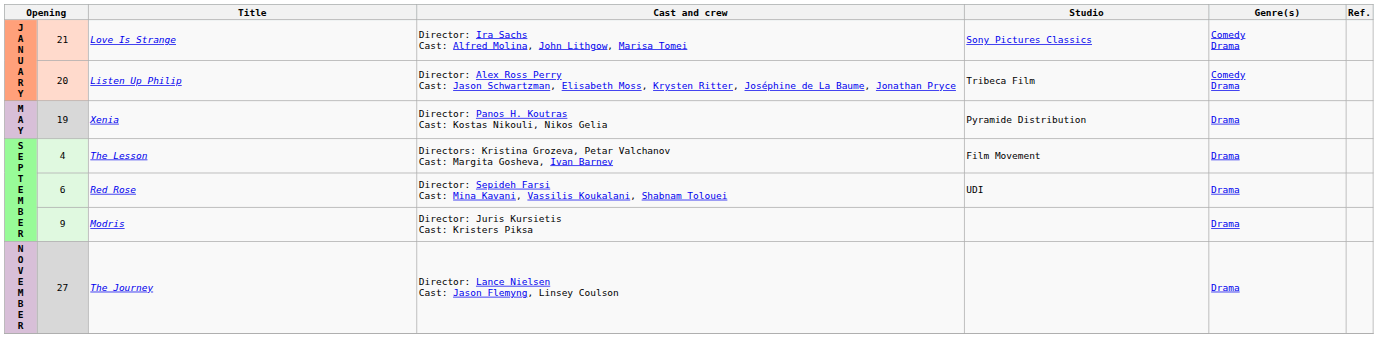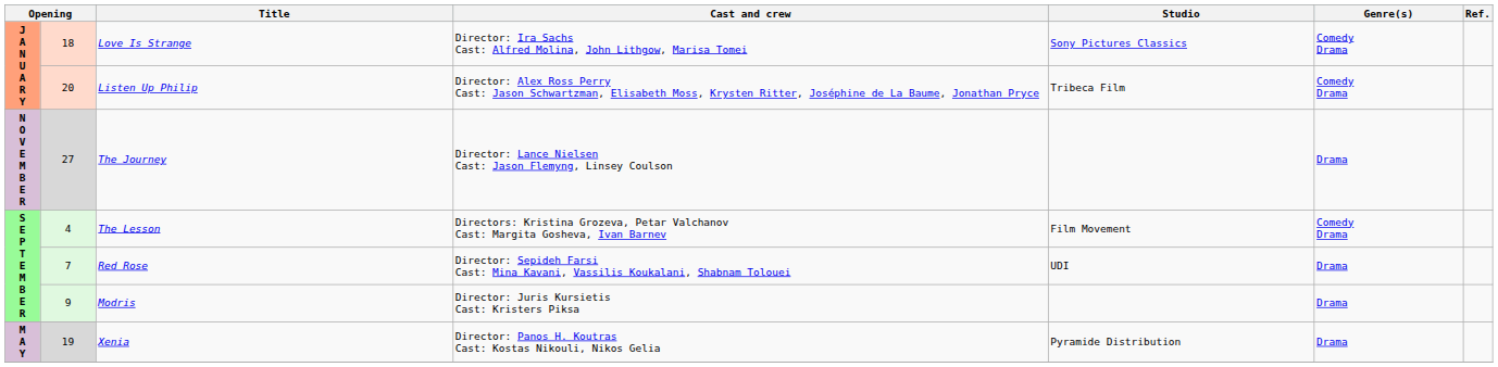 <table class="wikitable">
 <tr style="background:#b0e0e6; text-align:center;">
 <th colspan="2">Opening</th>
 <th style="width:24%;">Title</th>
 <th style="width:40%;">Cast and crew</th>
 <th>Studio</th>
 <th style="width:10%;">Genre(s)</th>
 <th style="width:2%;">Ref.</th>
 </tr>
 <tr>
 <th rowspan="2" style="text-align:center; background:#ffa07a; textcolor:#000;">J<br>A<br>N<br>U<br>A<br>R<br>Y</th>
-<td rowspan="1" style="text-align:center; background:#ffdacc;">21</td>
+<td rowspan="1" style="text-align:center; background:#ffdacc;">18</td>
 <td><em><a href='#'>Love Is Strange</a></em></td>
 <td>Director: <a href='#'>Ira Sachs</a> <br> Cast: <a href='#'>Alfred Molina</a>, <a href='#'>John Lithgow</a>, <a href='#'>Marisa Tomei</a></td>
 <td><a href='#'>Sony Pictures Classics</a></td>
 <td><a href='#'>Comedy</a> <br> <a href='#'>Drama</a></td>
 <td style="text-align:center"></td>
 </tr>
 <tr>
 <td rowspan="1" style="text-align:center; background:#ffdacc;">20</td>
 <td><em><a href='#'>Listen Up Philip</a></em></td>
 <td>Director: <a href='#'>Alex Ross Perry</a> <br> Cast: <a href='#'>Jason Schwartzman</a>, <a href='#'>Elisabeth Moss</a>, <a href='#'>Krysten Ritter</a>, <a href='#'>Joséphine de La Baume</a>, <a href='#'>Jonathan Pryce</a></td>
 <td>Tribeca Film</td>
 <td><a href='#'>Comedy</a> <br> <a href='#'>Drama</a></td>
 <td style="text-align:center"></td>
 </tr>
 <tr>
-<th rowspan="1" style="text-align:center; background:thistle; textcolor:#000;">M<br>A<br>Y</th>
-<td rowspan="1" style="text-align:center; background:#d8d8d8;">19</td>
-<td><em><a href='#'>Xenia</a></em></td>
-<td>Director: <a href='#'>Panos H. Koutras</a> <br> Cast: Kostas Nikouli, Nikos Gelia</td>
-<td>Pyramide Distribution</td>
+<th rowspan="1" style="text-align:center; background:thistle; textcolor:#000;">N<br>O<br>V<br>E<br>M<br>B<br>E<br>R</th>
+<td rowspan="1" style="text-align:center; background:#d8d8d8;">27</td>
+<td><em><a href='#'>The Journey</a></em></td>
+<td>Director: <a href='#'>Lance Nielsen</a> <br> Cast: <a href='#'>Jason Flemyng</a>, Linsey Coulson</td>
+<td></td>
 <td><a href='#'>Drama</a></td>
 <td style="text-align:center"></td>
 </tr>
 <tr>
 <th rowspan="3" style="text-align:center; background:#98fb98; textcolor:#000;">S<br>E<br>P<br>T<br>E<br>M<br>B<br>E<br>R</th>
 <td rowspan="1" style="text-align:center; background:#e0f9e0;">4</td>
 <td><em><a href='#'>The Lesson</a></em></td>
 <td>Directors: Kristina Grozeva, Petar Valchanov <br> Cast: Margita Gosheva, <a href='#'>Ivan Barnev</a></td>
 <td>Film Movement</td>
-<td><a href='#'>Drama</a></td>
+<td><a href='#'>Comedy</a> <br> <a href='#'>Drama</a></td>
 <td style="text-align:center"></td>
 </tr>
 <tr>
-<td rowspan="1" style="text-align:center; background:#e0f9e0;">6</td>
+<td rowspan="1" style="text-align:center; background:#e0f9e0;">7</td>
 <td><em><a href='#'>Red Rose</a></em></td>
 <td>Director: <a href='#'>Sepideh Farsi</a> <br> Cast: <a href='#'>Mina Kavani</a>, <a href='#'>Vassilis Koukalani</a>, <a href='#'>Shabnam Tolouei</a></td>
 <td>UDI</td>
 <td><a href='#'>Drama</a></td>
 <td style="text-align:center"></td>
 </tr>
 <tr>
 <td rowspan="1" style="text-align:center; background:#e0f9e0;">9</td>
 <td><em><a href='#'>Modris</a></em></td>
 <td>Director: Juris Kursietis <br> Cast: Kristers Piksa</td>
 <td></td>
 <td><a href='#'>Drama</a></td>
 <td style="text-align:center"></td>
 </tr>
 <tr>
-<th rowspan="1" style="text-align:center; background:thistle; textcolor:#000;">N<br>O<br>V<br>E<br>M<br>B<br>E<br>R</th>
-<td rowspan="1" style="text-align:center; background:#d8d8d8;">27</td>
-<td><em><a href='#'>The Journey</a></em></td>
-<td>Director: <a href='#'>Lance Nielsen</a> <br> Cast: <a href='#'>Jason Flemyng</a>, Linsey Coulson</td>
-<td></td>
+<th rowspan="1" style="text-align:center; background:thistle; textcolor:#000;">M<br>A<br>Y</th>
+<td rowspan="1" style="text-align:center; background:#d8d8d8;">19</td>
+<td><em><a href='#'>Xenia</a></em></td>
+<td>Director: <a href='#'>Panos H. Koutras</a> <br> Cast: Kostas Nikouli, Nikos Gelia</td>
+<td>Pyramide Distribution</td>
 <td><a href='#'>Drama</a></td>
 <td style="text-align:center"></td>
 </tr>
 <tr>
 </tr>
 </table>
